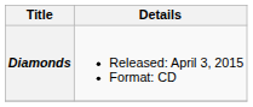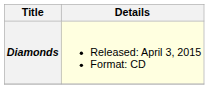 <table class="wikitable plainrowheaders">
 <tr>
 <th scope="col">Title</th>
 <th scope="col">Details</th>
 </tr>
 <tr>
 <th scope="row"><em>Diamonds</em></th>
-<td><br><ul><li>Released: April 3, 2015</li><li>Format: CD</li></ul></td>
+<td style="background: lightyellow;"><br><ul><li>Released: April 3, 2015</li><li>Format: CD</li></ul></td>
 </tr>
 <tr>
 </tr>
 </table>
